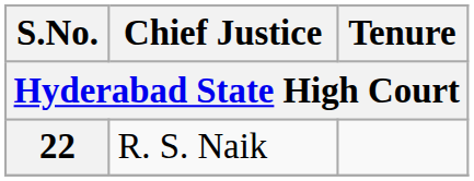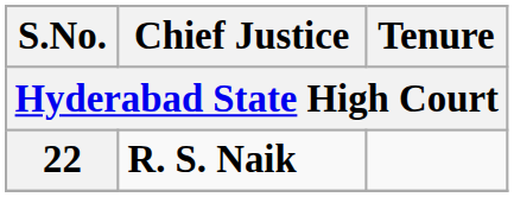 <table class="wikitable sortable">
 <tr>
 <th>S.No.</th>
 <th>Chief Justice</th>
 <th>Tenure</th>
 </tr>
 <tr>
 <th colspan="3"><a href='#'>Hyderabad State</a> High Court</th>
 </tr>
 <tr>
 <th>22</th>
-<td>R. S. Naik</td>
+<td><strong>R. S. Naik</strong></td>
 <td></td>
 </tr>
 <tr>
 </tr>
 </table>
